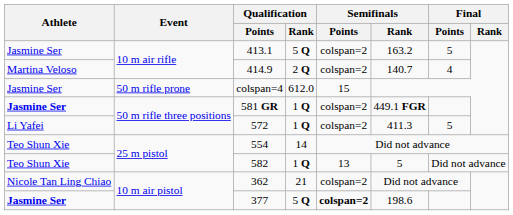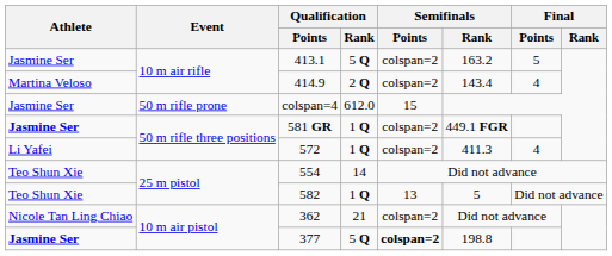 <table class="wikitable" style="font-size:90%;">
 <tr>
 <th rowspan=2>Athlete</th>
 <th rowspan=2>Event</th>
 <th colspan=2>Qualification</th>
 <th colspan=2>Semifinals</th>
 <th colspan=2>Final</th>
 </tr>
 <tr style="font-size:95%">
 <th>Points</th>
 <th>Rank</th>
 <th>Points</th>
 <th>Rank</th>
 <th>Points</th>
 <th>Rank</th>
 </tr>
 <tr align=center>
 <td align=left><a href='#'>Jasmine Ser</a></td>
 <td align=left rowspan="2"><a href='#'>10 m air rifle</a></td>
 <td>413.1</td>
 <td>5 <strong>Q</strong></td>
 <td>colspan=2 </td>
 <td>163.2</td>
 <td>5</td>
 </tr>
 <tr align=center>
 <td align=left><a href='#'>Martina Veloso</a></td>
 <td>414.9</td>
 <td>2 <strong>Q</strong></td>
 <td>colspan=2 </td>
-<td>140.7</td>
+<td>143.4</td>
 <td>4</td>
 </tr>
 <tr align=center>
 <td align=left><a href='#'>Jasmine Ser</a></td>
 <td align=left><a href='#'>50 m rifle prone</a></td>
 <td>colspan=4 </td>
 <td>612.0</td>
 <td>15</td>
 </tr>
 <tr align=center>
 <td align=left><strong><a href='#'>Jasmine Ser</a></strong></td>
 <td align=left rowspan=2><a href='#'>50 m rifle three positions</a></td>
 <td>581 <strong>GR</strong></td>
 <td>1 <strong>Q</strong></td>
 <td>colspan=2 </td>
 <td>449.1 <strong>FGR</strong></td>
 <td></td>
 </tr>
 <tr align=center>
 <td align=left><a href='#'>Li Yafei</a></td>
 <td>572</td>
 <td>1 <strong>Q</strong></td>
 <td>colspan=2 </td>
 <td>411.3</td>
-<td>5</td>
+<td>4</td>
 </tr>
 <tr align=center>
 <td align=left><a href='#'>Teo Shun Xie</a></td>
 <td align=left rowspan=2><a href='#'>25 m pistol</a></td>
 <td>554</td>
 <td>14</td>
 <td colspan=4>Did not advance</td>
 </tr>
 <tr align=center>
 <td align=left><a href='#'>Teo Shun Xie</a></td>
 <td>582</td>
 <td>1 <strong>Q</strong></td>
 <td>13</td>
 <td>5</td>
 <td colspan=2>Did not advance</td>
 </tr>
 <tr align=center>
 <td align=left><a href='#'>Nicole Tan Ling Chiao</a></td>
 <td align=left rowspan="2"><a href='#'>10 m air pistol</a></td>
 <td>362</td>
 <td>21</td>
 <td>colspan=2 </td>
 <td colspan=2>Did not advance</td>
 </tr>
 <tr align=center>
 <td align=left><strong><a href='#'>Jasmine Ser</a></strong></td>
 <td>377</td>
 <td>5 <strong>Q</strong></td>
 <td><strong>colspan=2 </strong></td>
-<td>198.6</td>
+<td>198.8</td>
 <td></td>
 </tr>
 </table>
